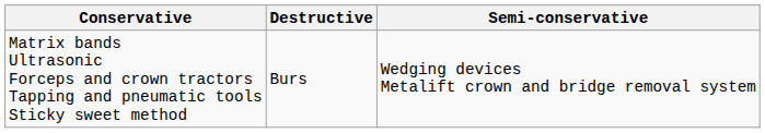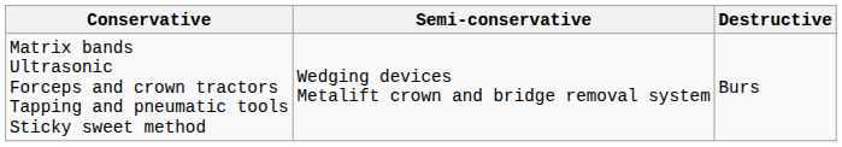 <table class="wikitable">
 <tr>
 <th>Conservative</th>
+<th>Semi-conservative</th>
 <th>Destructive</th>
-<th>Semi-conservative</th>
 </tr>
 <tr>
 <td>Matrix bands<br>Ultrasonic<br>Forceps and crown tractors<br>Tapping and pneumatic tools<br>Sticky sweet method</td>
+<td>Wedging devices<br>Metalift crown and bridge removal system</td>
 <td>Burs</td>
-<td>Wedging devices<br>Metalift crown and bridge removal system</td>
 </tr>
 </table>
